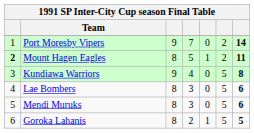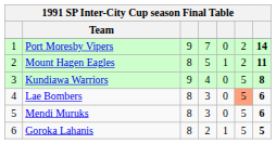 <table class="wikitable" style="text-align:center;">
 <tr>
 <th colspan="7">1991 SP Inter-City Cup season Final Table</th>
 </tr>
 <tr>
 <th width="20"></th>
 <th width="230">Team</th>
 <th width="20"></th>
 <th width="20"></th>
 <th width="20"></th>
 <th width="20"></th>
 <th width="20"></th>
 </tr>
 <tr>
 </tr>
 <tr style="background:  #ccffcc;">
 <td>1</td>
 <td style="text-align:left;"><a href='#'>Port Moresby Vipers</a></td>
 <td>9</td>
 <td>7</td>
 <td>0</td>
 <td>2</td>
 <td><strong>14</strong></td>
 </tr>
 <tr style="background:  #ccffcc;">
-<td><strong>2</strong></td>
+<td>2</td>
 <td style="text-align:left;"><a href='#'>Mount Hagen Eagles</a></td>
 <td>8</td>
 <td>5</td>
 <td>1</td>
 <td>2</td>
 <td><strong>11</strong></td>
 </tr>
 <tr style="background:  #ccffcc;">
 <td>3</td>
 <td style="text-align:left;"><a href='#'>Kundiawa Warriors</a></td>
 <td>9</td>
 <td>4</td>
 <td>0</td>
 <td>5</td>
 <td><strong>8</strong></td>
 </tr>
 <tr>
 <td>4</td>
 <td style="text-align:left;"><a href='#'>Lae Bombers</a></td>
 <td>8</td>
 <td>3</td>
 <td>0</td>
-<td>5</td>
+<td style="background: lightsalmon;">5</td>
 <td><strong>6</strong></td>
 </tr>
 <tr>
 <td>5</td>
 <td style="text-align:left;"><a href='#'>Mendi Muruks</a></td>
 <td>8</td>
 <td>3</td>
 <td>0</td>
 <td>5</td>
 <td><strong>6</strong></td>
 </tr>
 <tr>
 <td>6</td>
 <td style="text-align:left;"><a href='#'>Goroka Lahanis</a></td>
 <td>8</td>
 <td>2</td>
 <td>1</td>
 <td>5</td>
 <td><strong>5</strong></td>
 </tr>
 </table>
